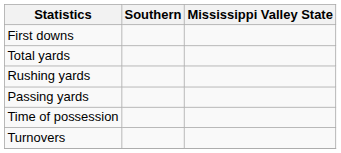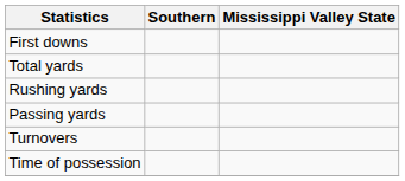 <table class="wikitable">
 <tr>
 <th>Statistics</th>
 <th>Southern</th>
 <th>Mississippi Valley State</th>
 </tr>
 <tr>
 <td>First downs</td>
 <td> </td>
 <td> </td>
 </tr>
 <tr>
 <td>Total yards</td>
 <td> </td>
 <td> </td>
 </tr>
 <tr>
 <td>Rushing yards</td>
 <td> </td>
 <td> </td>
 </tr>
 <tr>
 <td>Passing yards</td>
 <td> </td>
 <td> </td>
 </tr>
 <tr>
-<td>Time of possession</td>
+<td>Turnovers</td>
 <td> </td>
 <td> </td>
 </tr>
 <tr>
-<td>Turnovers</td>
+<td>Time of possession</td>
 <td> </td>
 <td> </td>
 </tr>
 <tr>
 </tr>
 </table>
